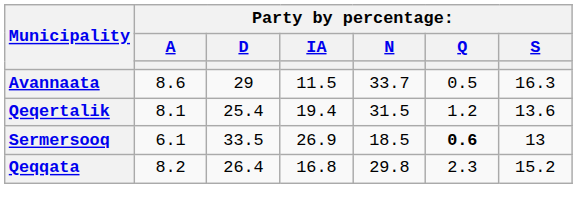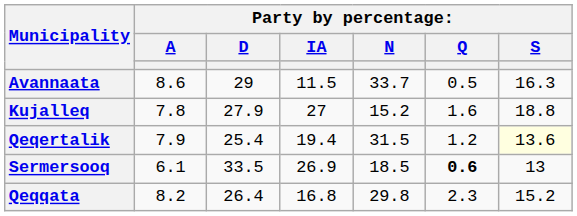 <table class="wikitable" style="text-align:center; font-size: 0.9em;">
 <tr>
 <th rowspan="3"><a href='#'>Municipality</a></th>
 <th colspan="6">Party by percentage:</th>
 </tr>
 <tr>
 <th class="unsortable" style="width:45px;"><a href='#'>A</a></th>
 <th class="unsortable" style="width:45px;"><a href='#'>D</a></th>
 <th class="unsortable" style="width:45px;"><a href='#'>IA</a></th>
 <th class="unsortable" style="width:45px;"><a href='#'>N</a></th>
 <th class="unsortable" style="width:45px;"><a href='#'>Q</a></th>
 <th class="unsortable" style="width:45px;"><a href='#'>S</a></th>
 </tr>
 <tr>
 <th style="background:"></th>
 <th style="background:"></th>
 <th style="background:"></th>
 <th style="background:"></th>
 <th style="background:"></th>
 <th style="background:"></th>
 </tr>
 <tr>
 <th style="text-align: left;"><a href='#'>Avannaata</a></th>
 <td>8.6</td>
 <td>29</td>
 <td>11.5</td>
 <td style="background:">33.7</td>
 <td>0.5</td>
 <td>16.3</td>
 </tr>
 <tr>
+<th style="text-align: left;"><a href='#'>Kujalleq</a></th>
+<td>7.8</td>
+<td style="background:">27.9</td>
+<td>27</td>
+<td>15.2</td>
+<td>1.6</td>
+<td>18.8</td>
+</tr>
+<tr>
 <th style="text-align: left;"><a href='#'>Qeqertalik</a></th>
-<td>8.1</td>
+<td>7.9</td>
 <td>25.4</td>
 <td>19.4</td>
 <td style="background:">31.5</td>
 <td>1.2</td>
-<td>13.6</td>
+<td style="background: lightyellow;">13.6</td>
 </tr>
 <tr>
 <th style="text-align: left;"><a href='#'>Sermersooq</a></th>
 <td>6.1</td>
 <td style="background:">33.5</td>
 <td>26.9</td>
 <td>18.5</td>
 <td><strong>0.6</strong></td>
 <td>13</td>
 </tr>
 <tr>
 <th style="text-align: left;"><a href='#'>Qeqqata</a></th>
 <td>8.2</td>
 <td>26.4</td>
 <td>16.8</td>
 <td style="background:">29.8</td>
 <td>2.3</td>
 <td>15.2</td>
 </tr>
 </table>
